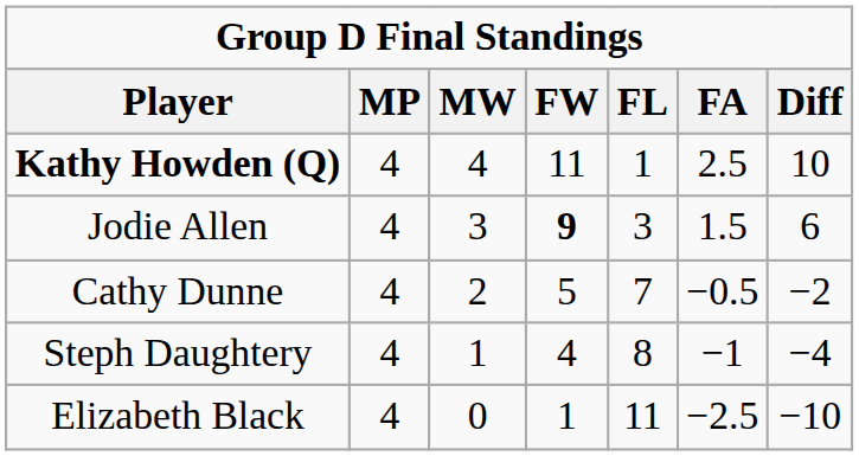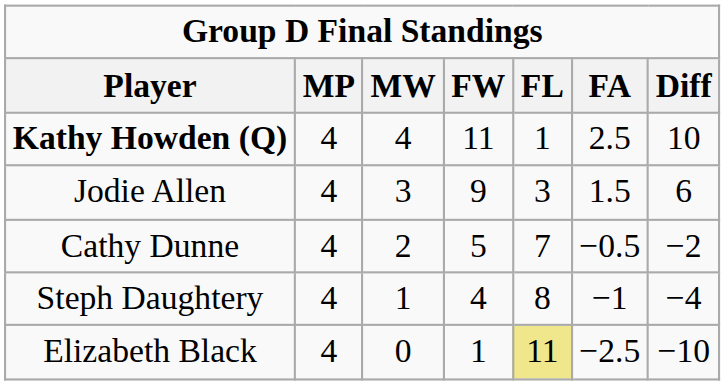 <table class="wikitable" style="text-align: center; display: inline-table;">
 <tr>
 <td colspan="7"><strong>Group D Final Standings</strong></td>
 </tr>
 <tr>
 <th>Player</th>
 <th>MP</th>
 <th>MW</th>
 <th>FW</th>
 <th>FL</th>
 <th>FA</th>
 <th>Diff</th>
 </tr>
 <tr>
 <td> <strong>Kathy Howden (Q)</strong></td>
 <td>4</td>
 <td>4</td>
 <td>11</td>
 <td>1</td>
 <td>2.5</td>
 <td>10</td>
 </tr>
 <tr>
 <td> Jodie Allen</td>
 <td>4</td>
 <td>3</td>
-<td><strong>9</strong></td>
+<td>9</td>
 <td>3</td>
 <td>1.5</td>
 <td>6</td>
 </tr>
 <tr>
 <td> Cathy Dunne</td>
 <td>4</td>
 <td>2</td>
 <td>5</td>
 <td>7</td>
 <td>−0.5</td>
 <td>−2</td>
 </tr>
 <tr>
 <td> Steph Daughtery</td>
 <td>4</td>
 <td>1</td>
 <td>4</td>
 <td>8</td>
 <td>−1</td>
 <td>−4</td>
 </tr>
 <tr>
 <td> Elizabeth Black</td>
 <td>4</td>
 <td>0</td>
 <td>1</td>
-<td>11</td>
+<td style="background: khaki;">11</td>
 <td>−2.5</td>
 <td>−10</td>
 </tr>
 </table>
